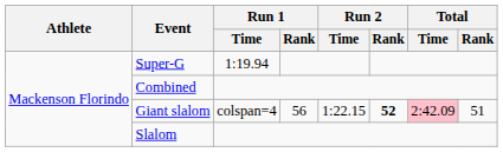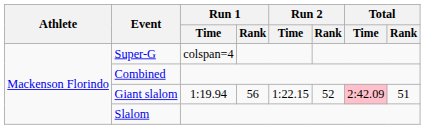 <table class="wikitable" style="font-size:90%">
 <tr>
 <th rowspan=2>Athlete</th>
 <th rowspan=2>Event</th>
 <th colspan=2>Run 1</th>
 <th colspan=2>Run 2</th>
 <th colspan=2>Total</th>
 </tr>
 <tr style="font-size:95%">
 <th>Time</th>
 <th>Rank</th>
 <th>Time</th>
 <th>Rank</th>
 <th>Time</th>
 <th>Rank</th>
 </tr>
 <tr align=center>
 <td align="left" rowspan="4"><a href='#'>Mackenson Florindo</a></td>
 <td align="left"><a href='#'>Super-G</a></td>
-<td>1:19.94</td>
+<td>colspan=4</td>
 <td colspan=2></td>
 </tr>
 <tr align=center>
 <td align="left"><a href='#'>Combined</a></td>
 <td colspan=6></td>
 </tr>
 <tr align=center>
 <td align="left"><a href='#'>Giant slalom</a></td>
-<td>colspan=4</td>
+<td>1:19.94</td>
 <td>56</td>
 <td>1:22.15</td>
-<td><strong>52</strong></td>
+<td>52</td>
 <td style="background: pink;">2:42.09</td>
 <td>51</td>
 </tr>
 <tr align=center>
 <td align="left"><a href='#'>Slalom</a></td>
 <td colspan=6></td>
 </tr>
 </table>
